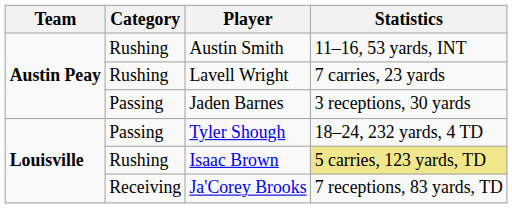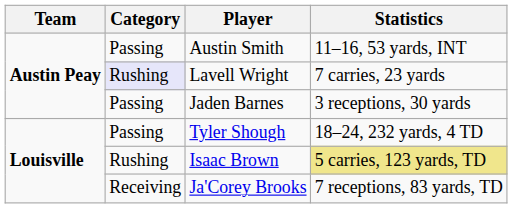 <table class="wikitable" style="float: right;">
 <tr>
 <th>Team</th>
 <th>Category</th>
 <th>Player</th>
 <th>Statistics</th>
 </tr>
 <tr>
 <td rowspan=3><strong>Austin Peay</strong></td>
-<td>Rushing</td>
+<td>Passing</td>
 <td>Austin Smith</td>
 <td>11–16, 53 yards, INT</td>
 </tr>
 <tr>
-<td>Rushing</td>
+<td style="background: lavender;">Rushing</td>
 <td>Lavell Wright</td>
 <td>7 carries, 23 yards</td>
 </tr>
 <tr>
 <td>Passing</td>
 <td>Jaden Barnes</td>
 <td>3 receptions, 30 yards</td>
 </tr>
 <tr>
 <td rowspan=3><strong>Louisville</strong></td>
 <td>Passing</td>
 <td><a href='#'>Tyler Shough</a></td>
 <td>18–24, 232 yards, 4 TD</td>
 </tr>
 <tr>
 <td>Rushing</td>
 <td><a href='#'>Isaac Brown</a></td>
 <td style="background: khaki;">5 carries, 123 yards, TD</td>
 </tr>
 <tr>
 <td>Receiving</td>
 <td><a href='#'>Ja'Corey Brooks</a></td>
 <td>7 receptions, 83 yards, TD</td>
 </tr>
 </table>
